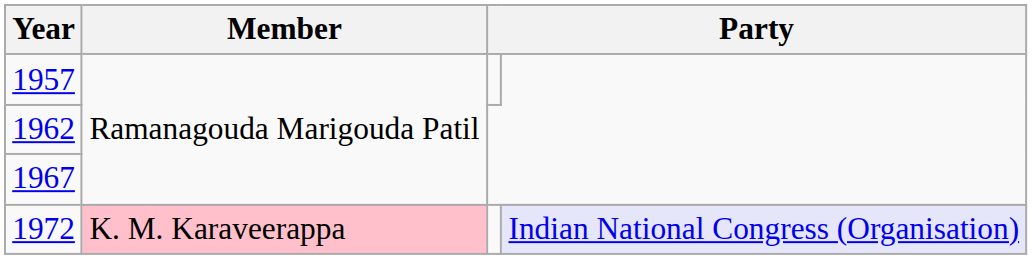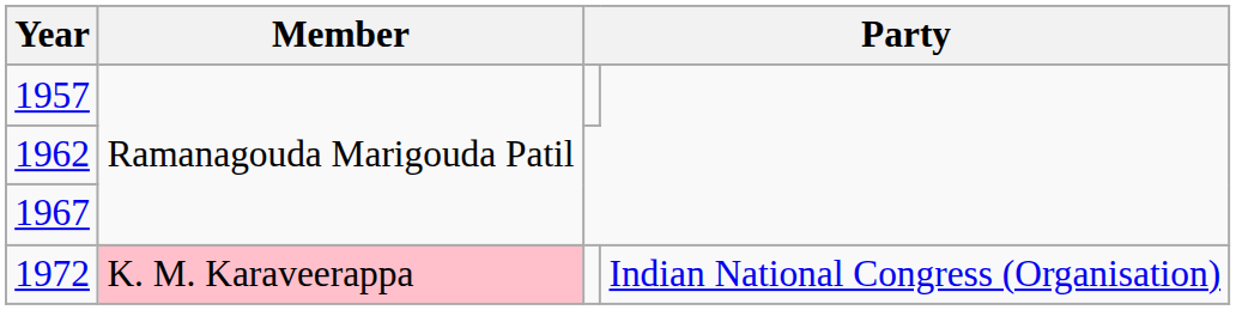 <table class="wikitable sortable">
 <tr>
 <th>Year</th>
 <th>Member</th>
 <th colspan="2">Party</th>
 </tr>
 <tr>
 <td><a href='#'>1957</a></td>
 <td rowspan="3">Ramanagouda Marigouda Patil</td>
 <td></td>
 </tr>
 <tr>
 <td><a href='#'>1962</a></td>
 </tr>
 <tr>
 <td><a href='#'>1967</a></td>
 </tr>
 <tr>
 <td><a href='#'>1972</a></td>
 <td style="background: pink;">K. M. Karaveerappa</td>
 <td bgcolor=></td>
-<td style="background: lavender;"><a href='#'>Indian National Congress (Organisation)</a></td>
+<td><a href='#'>Indian National Congress (Organisation)</a></td>
 </tr>
 </table>
